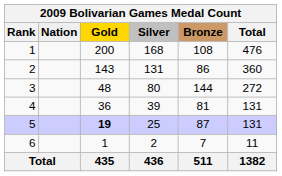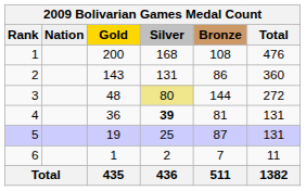 <table class="wikitable" border="2" style="text-align:center">
 <tr>
 <th colspan=6>2009 Bolivarian Games Medal Count</th>
 </tr>
 <tr bgcolor="#efefef">
 <th>Rank</th>
 <td align=left><strong>Nation</strong></td>
 <td bgcolor="gold" align=center width=60><strong>Gold</strong></td>
 <td bgcolor="silver" align=center width=60><strong>Silver</strong></td>
 <td bgcolor="CC9966" align=center width=60><strong>Bronze</strong></td>
 <th width=60>Total</th>
 </tr>
 <tr>
 <td align=right>1</td>
 <td align=left></td>
 <td>200</td>
 <td>168</td>
 <td>108</td>
 <td>476</td>
 </tr>
 <tr>
 <td align=right>2</td>
 <td align=left></td>
 <td>143</td>
 <td>131</td>
 <td>86</td>
 <td>360</td>
 </tr>
 <tr>
 <td align=right>3</td>
 <td align=left></td>
 <td>48</td>
-<td>80</td>
+<td style="background: khaki;">80</td>
 <td>144</td>
 <td>272</td>
 </tr>
 <tr>
 <td align=right>4</td>
 <td align=left></td>
 <td>36</td>
-<td>39</td>
+<td><strong>39</strong></td>
 <td>81</td>
 <td>131</td>
 </tr>
 <tr style="background:#ccccff">
 <td align=right>5</td>
 <td align=left></td>
-<td><strong>19</strong></td>
+<td>19</td>
 <td>25</td>
 <td>87</td>
 <td>131</td>
 </tr>
 <tr>
 <td align=right>6</td>
 <td align=left></td>
 <td>1</td>
 <td>2</td>
 <td>7</td>
 <td>11</td>
 </tr>
 <tr>
 <th colspan="2">Total</th>
 <th>435</th>
 <th>436</th>
 <th>511</th>
 <th>1382</th>
 </tr>
 </table>
